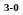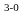 <table style="text-align:center">
 <tr>
 <th width=200></th>
 <th width=100></th>
 <th width=200></th>
 </tr>
 <tr>
 <td align=right></td>
-<td><strong>3-0</strong></td>
+<td>3-0</td>
 <td align=left></td>
 </tr>
 </table>
